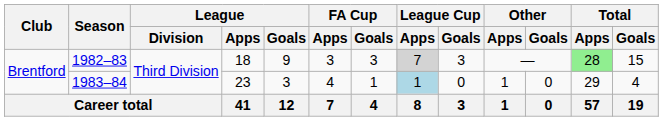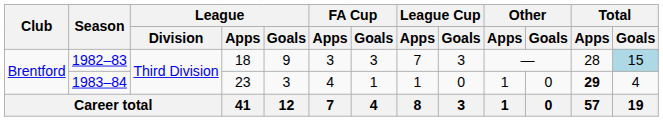 <table class="wikitable" style="text-align: center;">
 <tr>
 <th rowspan="2">Club</th>
 <th rowspan="2">Season</th>
 <th colspan="3">League</th>
 <th colspan="2">FA Cup</th>
 <th colspan="2">League Cup</th>
 <th colspan="2">Other</th>
 <th colspan="2">Total</th>
 </tr>
 <tr>
 <th>Division</th>
 <th>Apps</th>
 <th>Goals</th>
 <th>Apps</th>
 <th>Goals</th>
 <th>Apps</th>
 <th>Goals</th>
 <th>Apps</th>
 <th>Goals</th>
 <th>Apps</th>
 <th>Goals</th>
 </tr>
 <tr>
 <td rowspan="2"><a href='#'>Brentford</a></td>
 <td><a href='#'>1982–83</a></td>
 <td rowspan="2"><a href='#'>Third Division</a></td>
 <td>18</td>
 <td>9</td>
 <td>3</td>
 <td>3</td>
-<td style="background: lightgrey;">7</td>
+<td>7</td>
 <td>3</td>
 <td colspan="2">—</td>
-<td style="background: lightgreen;">28</td>
-<td>15</td>
+<td>28</td>
+<td style="background: lightblue;">15</td>
 </tr>
 <tr>
 <td><a href='#'>1983–84</a></td>
 <td>23</td>
 <td>3</td>
 <td>4</td>
 <td>1</td>
-<td style="background: lightblue;">1</td>
+<td>1</td>
 <td>0</td>
 <td>1</td>
 <td>0</td>
-<td>29</td>
+<td><strong>29</strong></td>
 <td>4</td>
 </tr>
 <tr>
 <th colspan="3">Career total</th>
 <th>41</th>
 <th>12</th>
 <th>7</th>
 <th>4</th>
 <th>8</th>
 <th>3</th>
 <th>1</th>
 <th>0</th>
 <th>57</th>
 <th>19</th>
 </tr>
 </table>
